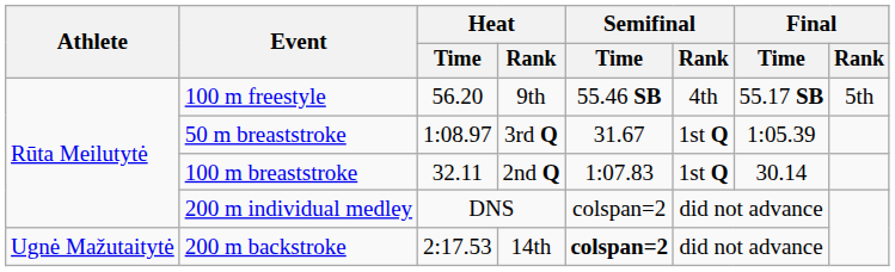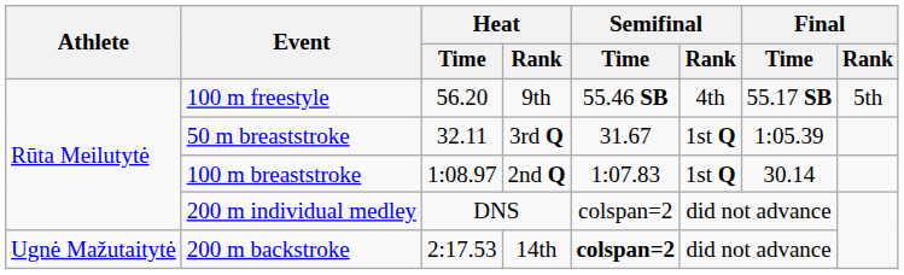 <table class=wikitable style="font-size:90%">
 <tr>
 <th rowspan=2>Athlete</th>
 <th rowspan=2>Event</th>
 <th colspan="2">Heat</th>
 <th colspan="2">Semifinal</th>
 <th colspan="2">Final</th>
 </tr>
 <tr style="font-size:95%">
 <th>Time</th>
 <th>Rank</th>
 <th>Time</th>
 <th>Rank</th>
 <th>Time</th>
 <th>Rank</th>
 </tr>
 <tr align=center>
 <td align=left rowspan=4><a href='#'>Rūta Meilutytė</a></td>
 <td align=left><a href='#'>100 m freestyle</a></td>
 <td>56.20</td>
 <td>9th</td>
 <td>55.46 <strong>SB</strong></td>
 <td>4th</td>
 <td>55.17 <strong>SB</strong></td>
 <td>5th</td>
 </tr>
 <tr align=center>
 <td align=left><a href='#'>50 m breaststroke</a></td>
-<td>1:08.97</td>
+<td>32.11</td>
 <td>3rd <strong>Q</strong></td>
 <td>31.67</td>
 <td>1st <strong>Q</strong></td>
 <td>1:05.39</td>
 <td></td>
 </tr>
 <tr align=center>
 <td align=left><a href='#'>100 m breaststroke</a></td>
-<td>32.11</td>
+<td>1:08.97</td>
 <td>2nd <strong>Q</strong></td>
 <td>1:07.83</td>
 <td>1st <strong>Q</strong></td>
 <td>30.14</td>
 <td></td>
 </tr>
 <tr align=center>
 <td align=left><a href='#'>200 m individual medley</a></td>
 <td colspan=2>DNS</td>
 <td>colspan=2 </td>
 <td colspan=2>did not advance</td>
 </tr>
 <tr align=center>
 <td align=left><a href='#'>Ugnė Mažutaitytė</a></td>
 <td align=left><a href='#'>200 m backstroke</a></td>
 <td>2:17.53</td>
 <td>14th</td>
 <td><strong>colspan=2 </strong></td>
 <td colspan=2>did not advance</td>
 </tr>
 </table>
